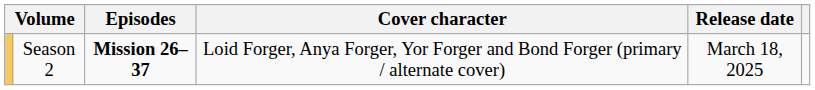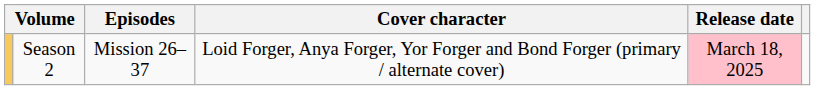 <table class="wikitable" style="text-align: center; width: 55%;">
 <tr>
 <th colspan="2">Volume</th>
 <th>Episodes</th>
 <th>Cover character</th>
 <th>Release date</th>
 <th></th>
 </tr>
 <tr>
 <td width="1%" style="background: #F8CA5E;"></td>
 <td>Season 2</td>
-<td><strong>Mission 26–37</strong></td>
+<td>Mission 26–37</td>
 <td>Loid Forger, Anya Forger, Yor Forger and Bond Forger (primary / alternate cover)</td>
-<td>March 18, 2025</td>
+<td style="background: pink;">March 18, 2025</td>
 <td></td>
 </tr>
 </table>
